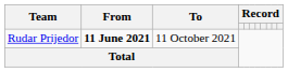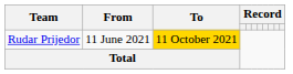 <table class="wikitable" tyle="text-align: center">
 <tr>
 <th rowspan="2">Team</th>
 <th rowspan="2">From</th>
 <th rowspan="2">To</th>
 <th colspan="8">Record</th>
 </tr>
 <tr>
 <th></th>
 <th></th>
 <th></th>
 <th></th>
 <th></th>
 <th></th>
 <th></th>
 <th></th>
 </tr>
 <tr>
 <td align="left"><a href='#'>Rudar Prijedor</a></td>
-<td align="left"><strong>11 June 2021</strong></td>
-<td align="left">11 October 2021<br></td>
+<td align="left">11 June 2021</td>
+<td align="left" style="background: gold;">11 October 2021<br></td>
 </tr>
 <tr>
 <th colspan="3">Total<br></th>
 </tr>
 </table>
